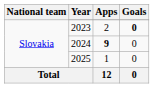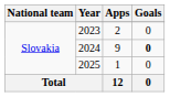 <table class="wikitable" style="text-align:center">
 <tr>
 <th>National team</th>
 <th>Year</th>
 <th>Apps</th>
 <th>Goals</th>
 </tr>
 <tr>
 <td rowspan=4><a href='#'>Slovakia</a></td>
 </tr>
 <tr>
 <td>2023</td>
 <td>2</td>
-<td><strong>0</strong></td>
+<td>0</td>
 </tr>
 <tr>
 <td>2024</td>
-<td><strong>9</strong></td>
-<td>0</td>
+<td>9</td>
+<td><strong>0</strong></td>
 </tr>
 <tr>
 <td>2025</td>
 <td>1</td>
 <td>0</td>
 </tr>
 <tr>
 <th colspan="2">Total</th>
 <th>12</th>
 <th>0</th>
 </tr>
 </table>
